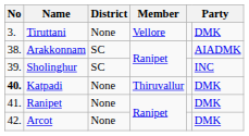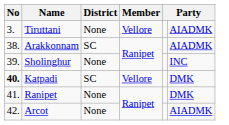 <table class="wikitable">
 <tr>
 <th>No</th>
 <th>Name</th>
 <th>District</th>
 <th>Member</th>
 <th colspan="2">Party</th>
 </tr>
 <tr>
 <td>3.</td>
 <td><a href='#'>Tiruttani</a></td>
 <td>None</td>
 <td><a href='#'>Vellore</a></td>
 <td style="background-color: "></td>
-<td><a href='#'>DMK</a></td>
+<td><a href='#'>AIADMK</a></td>
 </tr>
 <tr>
 <td>38.</td>
 <td><a href='#'>Arakkonnam</a></td>
 <td>SC</td>
 <td rowspan="2"><a href='#'>Ranipet</a></td>
 <td style="background-color: "></td>
 <td><a href='#'>AIADMK</a></td>
 </tr>
 <tr>
 <td>39.</td>
 <td><a href='#'>Sholinghur</a></td>
-<td>SC</td>
+<td>None</td>
 <td style="background-color: "></td>
 <td><a href='#'>INC</a></td>
 </tr>
 <tr>
 <td><strong>40.</strong></td>
 <td><a href='#'>Katpadi</a></td>
-<td>None</td>
-<td><a href='#'>Thiruvallur</a></td>
+<td>SC</td>
+<td><a href='#'>Vellore</a></td>
 <td style="background-color: "></td>
 <td><a href='#'>DMK</a></td>
 </tr>
 <tr>
 <td>41.</td>
 <td><a href='#'>Ranipet</a></td>
 <td>None</td>
 <td rowspan="2"><a href='#'>Ranipet</a></td>
 <td style="background-color: "></td>
 <td><a href='#'>DMK</a></td>
 </tr>
 <tr>
 <td>42.</td>
 <td><a href='#'>Arcot</a></td>
 <td>None</td>
 <td style="background-color: "></td>
-<td><a href='#'>DMK</a></td>
+<td><a href='#'>AIADMK</a></td>
 </tr>
 </table>
